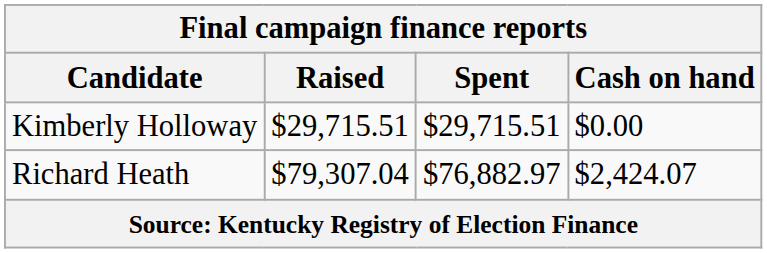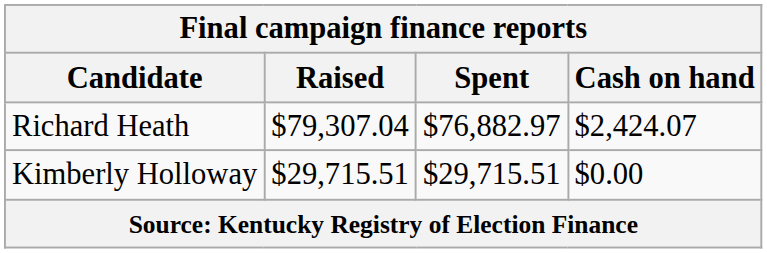 <table class="wikitable sortable">
 <tr>
 <th colspan=4>Final campaign finance reports</th>
 </tr>
 <tr style="text-align:center;">
 <th>Candidate</th>
 <th>Raised</th>
 <th>Spent</th>
 <th>Cash on hand</th>
 </tr>
 <tr>
+<td>Richard Heath</td>
+<td>$79,307.04</td>
+<td>$76,882.97</td>
+<td>$2,424.07</td>
+</tr>
+<tr>
 <td>Kimberly Holloway</td>
 <td>$29,715.51</td>
 <td>$29,715.51</td>
 <td>$0.00</td>
 </tr>
 <tr>
-<td>Richard Heath</td>
-<td>$79,307.04</td>
-<td>$76,882.97</td>
-<td>$2,424.07</td>
-</tr>
-<tr>
 <th colspan="4"><small>Source: Kentucky Registry of Election Finance</small></th>
 </tr>
 </table>
